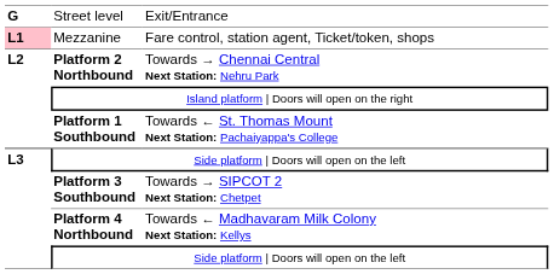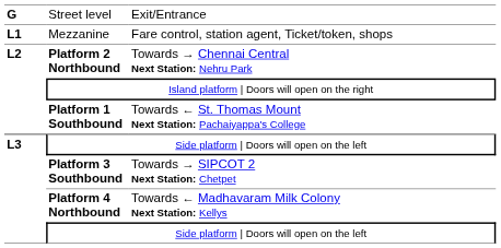 <table table border=0 cellspacing=0 cellpadding=3>
 <tr>
 <td style="border-top:solid 1px gray;border-bottom:solid 1px gray;" width=50 valign=top><strong>G</strong></td>
 <td style="border-top:solid 1px gray;border-bottom:solid 1px gray;" width=100 valign=top>Street level</td>
 <td style="border-top:solid 1px gray;border-bottom:solid 1px gray;" width=390 valign=top>Exit/Entrance</td>
 </tr>
 <tr>
-<td style="background: pink; border-bottom:solid 1px gray;"><strong>L1</strong></td>
+<td style="border-bottom:solid 1px gray;"><strong>L1</strong></td>
 <td style="border-bottom:solid 1px gray;">Mezzanine</td>
 <td style="border-bottom:solid 1px gray;">Fare control, station agent, Ticket/token, shops</td>
 </tr>
 <tr>
 <td style="border-bottom:solid 1px gray;" width=50 rowspan=3 valign=top><strong>L2</strong></td>
 <td style="border-bottom:solid 1px white;" width=100><span><strong>Platform 2</strong><br><strong>Northbound</strong></span></td>
 <td style="border-bottom:solid 1px white;" width=500>Towards → <a href='#'>Chennai Central</a><br><small><strong>Next Station:</strong> <a href='#'>Nehru Park</a></small></td>
 </tr>
 <tr>
 <td style="border-top:solid 2px black;border-right:solid 2px black;border-left:solid 2px black;border-bottom:solid 2px black;text-align:center;" colspan=2><small><a href='#'>Island platform</a> | Doors will open on the right </small></td>
 </tr>
 <tr>
 <td style="border-bottom:solid 1px gray;" width=100><span><strong>Platform 1</strong><br><strong>Southbound</strong></span></td>
 <td style="border-bottom:solid 1px gray;" width="500">Towards ← <a href='#'>St. Thomas Mount</a><br><small><strong>Next Station:</strong> <a href='#'>Pachaiyappa's College</a></small></td>
 </tr>
 <tr>
 <td style="border-top:solid 1px gray;border-bottom:solid 1px gray;" width=50 rowspan=4 valign=top><strong>L3</strong></td>
 <td style="border-top:solid 1px gray;border-right:solid 2px black;border-left:solid 2px black;border-bottom:solid 2px black;text-align:center;" colspan=2><small><a href='#'>Side platform</a> | Doors will open on the left </small></td>
 </tr>
 <tr>
 <td style="border-bottom:solid 1px gray;" width=100><span><strong>Platform 3</strong><br><strong>Southbound</strong></span></td>
 <td style="border-bottom:solid 1px gray;" width=500>Towards → <a href='#'>SIPCOT 2</a><br><small><strong>Next Station:</strong> <a href='#'>Chetpet</a></small></td>
 </tr>
 <tr>
 <td><span><strong>Platform 4</strong><br><strong>Northbound</strong></span></td>
 <td><span></span>Towards ← <a href='#'>Madhavaram Milk Colony</a><br><small><strong>Next Station:</strong> <a href='#'>Kellys</a></small></td>
 </tr>
 <tr>
 <td style="border-top:solid 2px black;border-right:solid 2px black;border-left:solid 2px black;border-bottom:solid 1px gray;text-align:center;" colspan=2><small><a href='#'>Side platform</a> | Doors will open on the left </small></td>
 </tr>
 </table>
